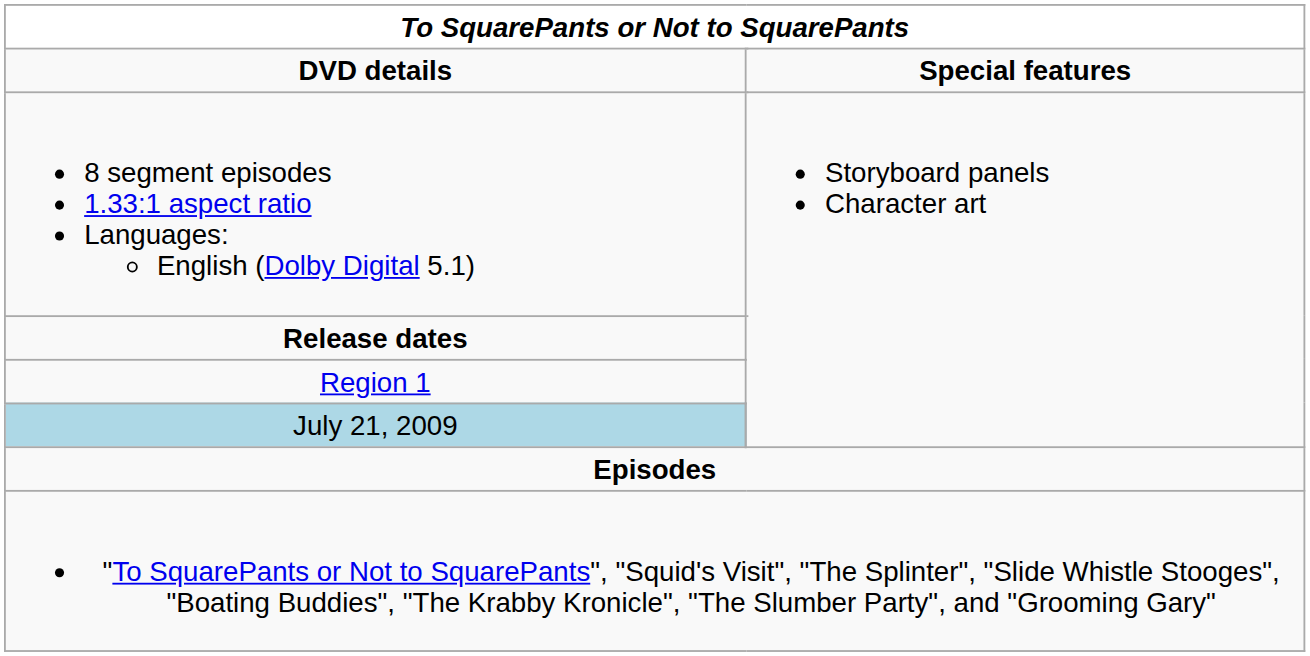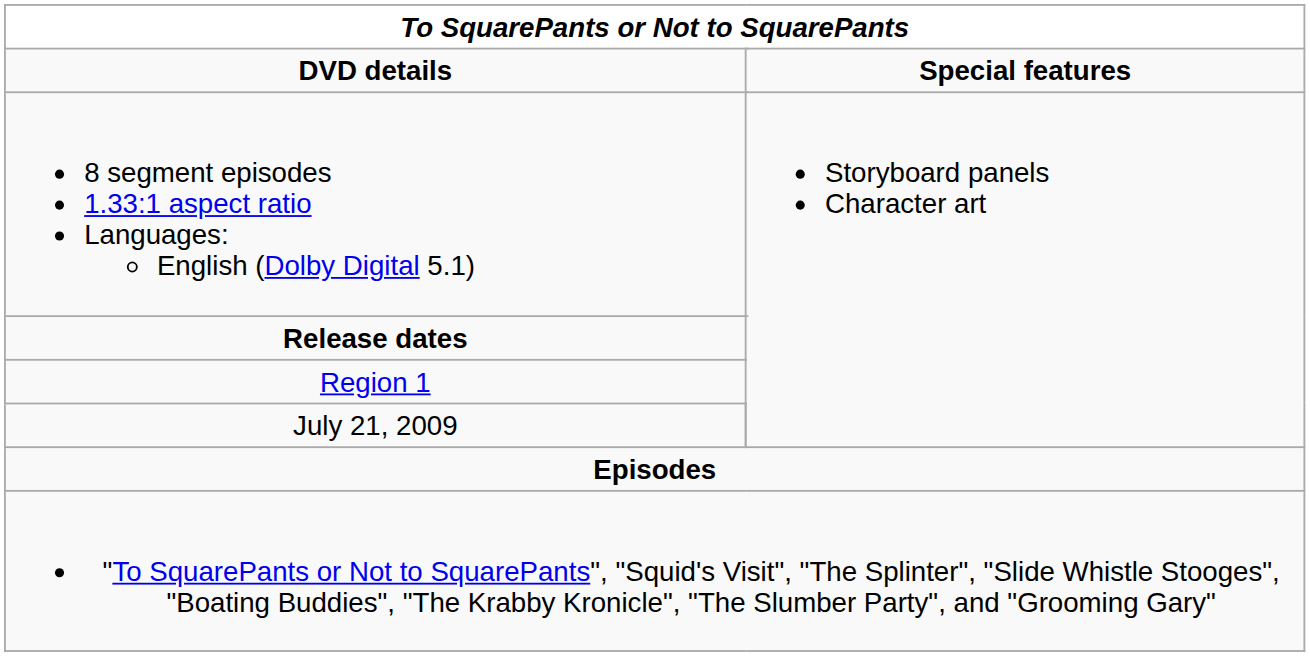 <table class="wikitable" style="font-size: 95%;">
 <tr style="background:#FFF; color:#000;">
 <td colspan="4" align="center"><strong><em>To SquarePants or Not to SquarePants</em></strong></td>
 </tr>
 <tr valign="top">
 <td style="text-align:center; width:400px;" colspan="3"><strong>DVD details</strong></td>
 <td style="width:300px; text-align:center;"><strong>Special features</strong></td>
 </tr>
 <tr valign="top">
 <td colspan="3" style="text-align:left; width:400px;"><br><ul><li>8 segment episodes</li><li><a href='#'>1.33:1 aspect ratio</a></li><li>Languages:<ul><li>English (<a href='#'>Dolby Digital</a> 5.1)</li></ul></li></ul></td>
 <td rowspan="4" style="text-align:left; width:300px;"><br><ul><li>Storyboard panels</li><li>Character art</li></ul></td>
 </tr>
 <tr>
 <td colspan="3" style="text-align:center;"><strong>Release dates</strong></td>
 </tr>
 <tr>
 <td colspan="3" style="text-align:center;"><a href='#'>Region 1</a></td>
 </tr>
 <tr style="text-align:center;">
-<td style="background: lightblue;">July 21, 2009</td>
+<td>July 21, 2009</td>
 </tr>
 <tr>
 <td style="text-align:center; width:400px;" colspan="4"><strong>Episodes</strong></td>
 </tr>
 <tr>
 <td style="text-align:center; width:400px;" colspan="4"><br><ul><li>"<a href='#'>To SquarePants or Not to SquarePants</a>", "Squid's Visit", "The Splinter", "Slide Whistle Stooges", "Boating Buddies", "The Krabby Kronicle", "The Slumber Party", and "Grooming Gary"</li></ul></td>
 </tr>
 </table>
